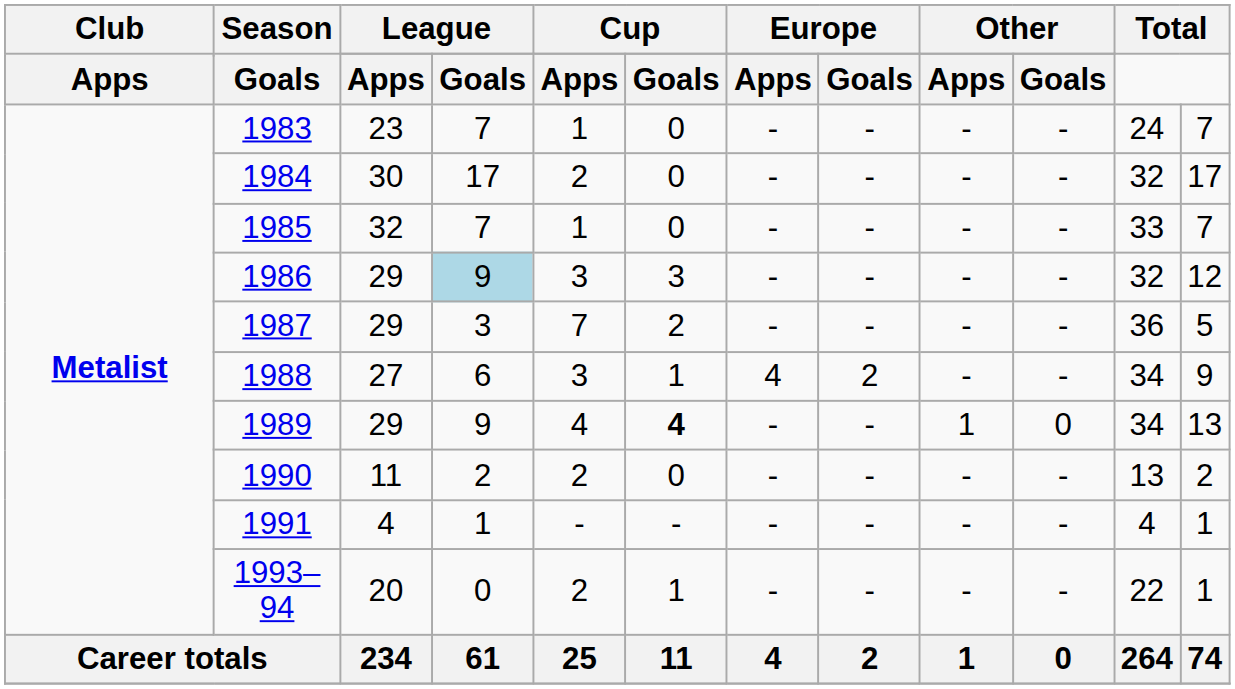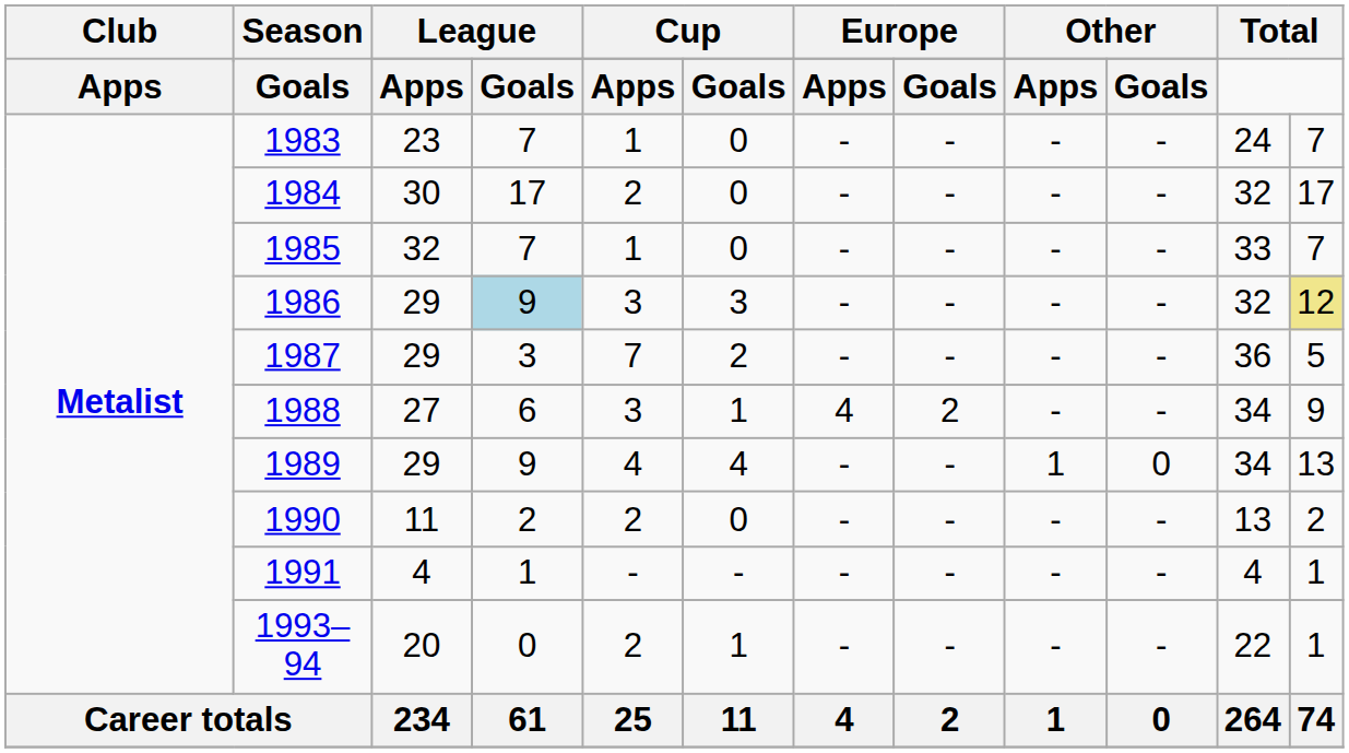 <table class="wikitable" style="font-size:100%; text-align: center;">
 <tr>
 <th rowspan="2" width="100">Club</th>
 <th rowspan="2">Season</th>
 <th colspan="2">League</th>
 <th colspan="2">Cup</th>
 <th colspan="2">Europe</th>
 <th colspan="2">Other</th>
 <th colspan="2">Total</th>
 </tr>
 <tr>
 </tr>
 <tr>
 <th width="40">Apps</th>
 <th width="40">Goals</th>
 <th width="40">Apps</th>
 <th width="40">Goals</th>
 <th width="40">Apps</th>
 <th width="40">Goals</th>
 <th width="40">Apps</th>
 <th width="40">Goals</th>
 <th width="40">Apps</th>
 <th width="40">Goals</th>
 </tr>
 <tr>
 <td rowspan="10"><strong><a href='#'>Metalist</a></strong></td>
 <td><a href='#'>1983</a></td>
 <td>23</td>
 <td>7</td>
 <td>1</td>
 <td>0</td>
 <td>-</td>
 <td>-</td>
 <td>-</td>
 <td>-</td>
 <td>24</td>
 <td>7</td>
 </tr>
 <tr>
 <td><a href='#'>1984</a></td>
 <td>30</td>
 <td>17</td>
 <td>2</td>
 <td>0</td>
 <td>-</td>
 <td>-</td>
 <td>-</td>
 <td>-</td>
 <td>32</td>
 <td>17</td>
 </tr>
 <tr>
 <td><a href='#'>1985</a></td>
 <td>32</td>
 <td>7</td>
 <td>1</td>
 <td>0</td>
 <td>-</td>
 <td>-</td>
 <td>-</td>
 <td>-</td>
 <td>33</td>
 <td>7</td>
 </tr>
 <tr>
 <td><a href='#'>1986</a></td>
 <td>29</td>
 <td style="background: lightblue;">9</td>
 <td>3</td>
 <td>3</td>
 <td>-</td>
 <td>-</td>
 <td>-</td>
 <td>-</td>
 <td>32</td>
-<td>12</td>
+<td style="background: khaki;">12</td>
 </tr>
 <tr>
 <td><a href='#'>1987</a></td>
 <td>29</td>
 <td>3</td>
 <td>7</td>
 <td>2</td>
 <td>-</td>
 <td>-</td>
 <td>-</td>
 <td>-</td>
 <td>36</td>
 <td>5</td>
 </tr>
 <tr>
 <td><a href='#'>1988</a></td>
 <td>27</td>
 <td>6</td>
 <td>3</td>
 <td>1</td>
 <td>4</td>
 <td>2</td>
 <td>-</td>
 <td>-</td>
 <td>34</td>
 <td>9</td>
 </tr>
 <tr>
 <td><a href='#'>1989</a></td>
 <td>29</td>
 <td>9</td>
 <td>4</td>
-<td><strong>4</strong></td>
+<td>4</td>
 <td>-</td>
 <td>-</td>
 <td>1</td>
 <td>0</td>
 <td>34</td>
 <td>13</td>
 </tr>
 <tr>
 <td><a href='#'>1990</a></td>
 <td>11</td>
 <td>2</td>
 <td>2</td>
 <td>0</td>
 <td>-</td>
 <td>-</td>
 <td>-</td>
 <td>-</td>
 <td>13</td>
 <td>2</td>
 </tr>
 <tr>
 <td><a href='#'>1991</a></td>
 <td>4</td>
 <td>1</td>
 <td>-</td>
 <td>-</td>
 <td>-</td>
 <td>-</td>
 <td>-</td>
 <td>-</td>
 <td>4</td>
 <td>1</td>
 </tr>
 <tr>
 <td><a href='#'>1993–94</a></td>
 <td>20</td>
 <td>0</td>
 <td>2</td>
 <td>1</td>
 <td>-</td>
 <td>-</td>
 <td>-</td>
 <td>-</td>
 <td>22</td>
 <td>1</td>
 </tr>
 <tr>
 <th colspan="2">Career totals</th>
 <th>234</th>
 <th>61</th>
 <th>25</th>
 <th>11</th>
 <th>4</th>
 <th>2</th>
 <th>1</th>
 <th>0</th>
 <th>264</th>
 <th>74</th>
 </tr>
 <tr>
 </tr>
 </table>
